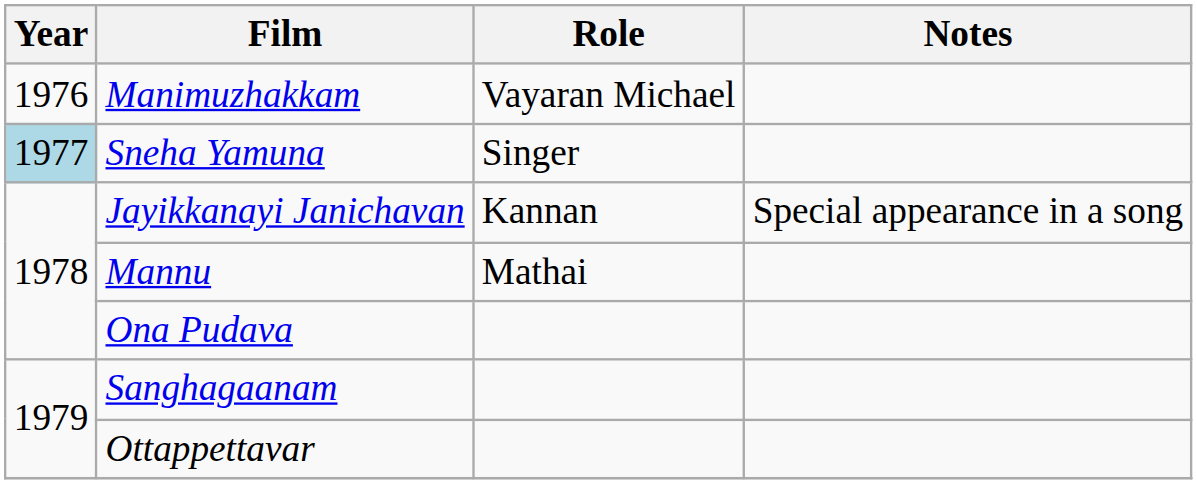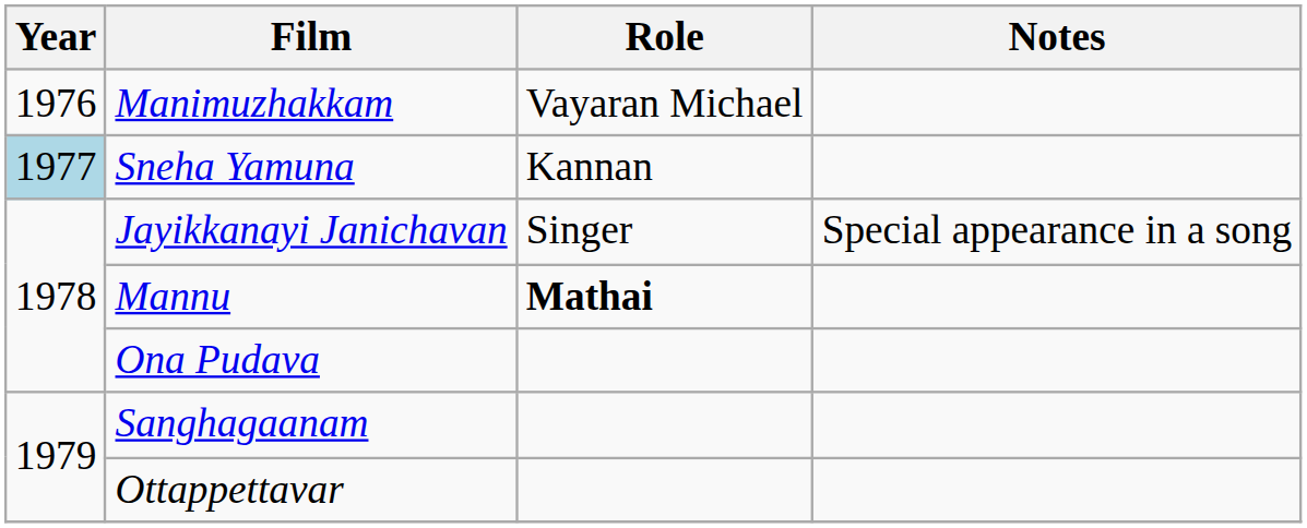 <table class="wikitable sortable">
 <tr>
 <th>Year</th>
 <th>Film</th>
 <th>Role</th>
 <th>Notes</th>
 </tr>
 <tr>
 <td>1976</td>
 <td><em><a href='#'>Manimuzhakkam</a></em></td>
 <td>Vayaran Michael</td>
 <td></td>
 </tr>
 <tr>
 <td style="background: lightblue;">1977</td>
 <td><em><a href='#'>Sneha Yamuna</a></em></td>
-<td>Singer</td>
+<td>Kannan</td>
 <td></td>
 </tr>
 <tr>
 <td rowspan=3>1978</td>
 <td><em><a href='#'>Jayikkanayi Janichavan</a></em></td>
-<td>Kannan</td>
+<td>Singer</td>
 <td>Special appearance in a song</td>
 </tr>
 <tr>
 <td><em><a href='#'>Mannu</a></em></td>
-<td>Mathai</td>
+<td><strong>Mathai</strong></td>
 <td></td>
 </tr>
 <tr>
 <td><em><a href='#'>Ona Pudava</a></em></td>
 <td></td>
 <td></td>
 </tr>
 <tr>
 <td rowspan=2>1979</td>
 <td><em><a href='#'>Sanghagaanam</a></em></td>
 <td></td>
 <td></td>
 </tr>
 <tr>
 <td><em>Ottappettavar</em></td>
 <td></td>
 <td></td>
 </tr>
 <tr>
 </tr>
 </table>
